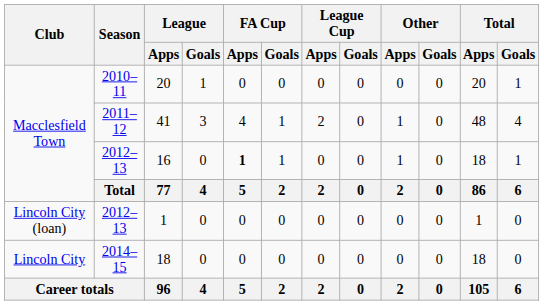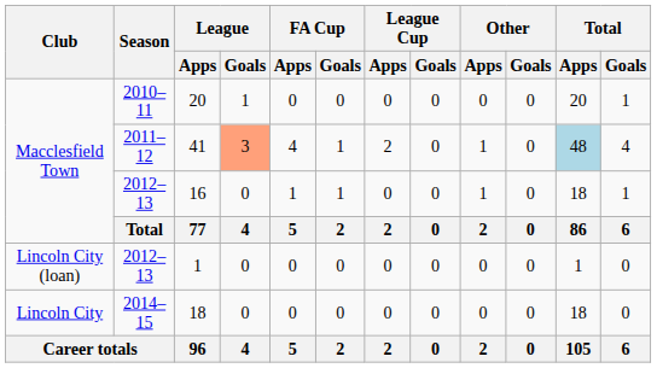 <table class="wikitable" style="text-align:center">
 <tr>
 <th rowspan="2">Club</th>
 <th rowspan="2">Season</th>
 <th colspan="2">League</th>
 <th colspan="2">FA Cup</th>
 <th colspan="2">League Cup</th>
 <th colspan="2">Other</th>
 <th colspan="2">Total</th>
 </tr>
 <tr>
 <th>Apps</th>
 <th>Goals</th>
 <th>Apps</th>
 <th>Goals</th>
 <th>Apps</th>
 <th>Goals</th>
 <th>Apps</th>
 <th>Goals</th>
 <th>Apps</th>
 <th>Goals</th>
 </tr>
 <tr>
 <td rowspan="4" valign="center"><a href='#'>Macclesfield Town</a></td>
 <td><a href='#'>2010–11</a></td>
 <td>20</td>
 <td>1</td>
 <td>0</td>
 <td>0</td>
 <td>0</td>
 <td>0</td>
 <td>0</td>
 <td>0</td>
 <td>20</td>
 <td>1</td>
 </tr>
 <tr>
 <td><a href='#'>2011–12</a></td>
 <td>41</td>
-<td>3</td>
+<td style="background: lightsalmon;">3</td>
 <td>4</td>
 <td>1</td>
 <td>2</td>
 <td>0</td>
 <td>1</td>
 <td>0</td>
-<td>48</td>
+<td style="background: lightblue;">48</td>
 <td>4</td>
 </tr>
 <tr>
 <td><a href='#'>2012–13</a></td>
 <td>16</td>
 <td>0</td>
-<td><strong>1</strong></td>
+<td>1</td>
 <td>1</td>
 <td>0</td>
 <td>0</td>
 <td>1</td>
 <td>0</td>
 <td>18</td>
 <td>1</td>
 </tr>
 <tr>
 <th>Total</th>
 <th>77</th>
 <th>4</th>
 <th>5</th>
 <th>2</th>
 <th>2</th>
 <th>0</th>
 <th>2</th>
 <th>0</th>
 <th>86</th>
 <th>6</th>
 </tr>
 <tr>
 <td rowspan="1" valign="center"><a href='#'>Lincoln City</a> (loan)</td>
 <td><a href='#'>2012–13</a></td>
 <td>1</td>
 <td>0</td>
 <td>0</td>
 <td>0</td>
 <td>0</td>
 <td>0</td>
 <td>0</td>
 <td>0</td>
 <td>1</td>
 <td>0</td>
 </tr>
 <tr>
 <td rowspan="1" valign="center"><a href='#'>Lincoln City</a></td>
 <td><a href='#'>2014–15</a></td>
 <td>18</td>
 <td>0</td>
 <td>0</td>
 <td>0</td>
 <td>0</td>
 <td>0</td>
 <td>0</td>
 <td>0</td>
 <td>18</td>
 <td>0</td>
 </tr>
 <tr>
 <th colspan="2">Career totals</th>
 <th>96</th>
 <th>4</th>
 <th>5</th>
 <th>2</th>
 <th>2</th>
 <th>0</th>
 <th>2</th>
 <th>0</th>
 <th>105</th>
 <th>6</th>
 </tr>
 </table>
